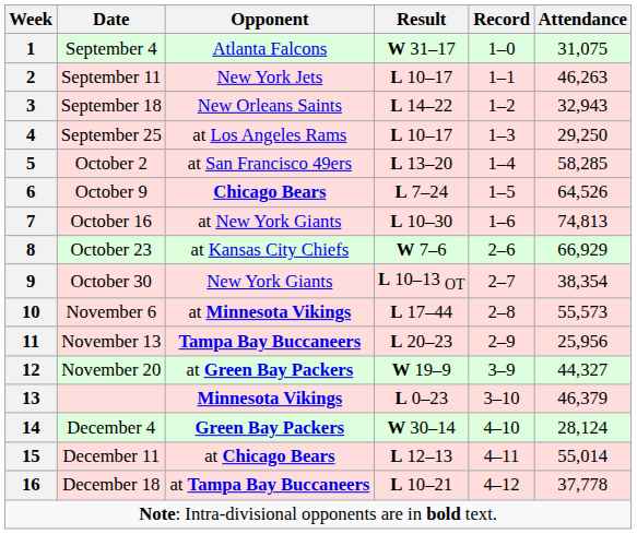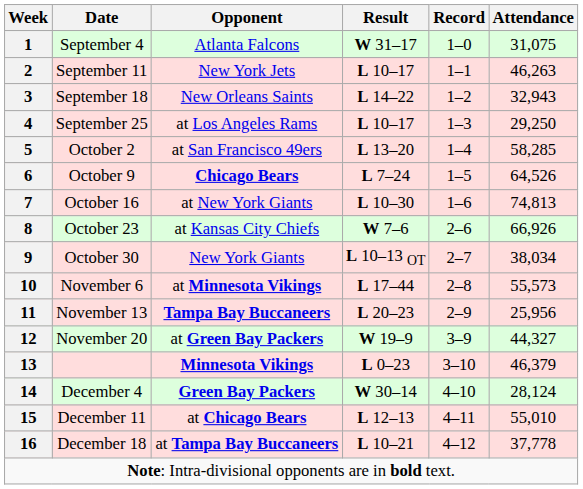 <table class="wikitable"  style="text-align: center;">
 <tr>
 <th>Week</th>
 <th>Date</th>
 <th>Opponent</th>
 <th>Result</th>
 <th>Record</th>
 <th>Attendance</th>
 </tr>
 <tr style="background: #ddffdd;">
 <th>1</th>
 <td>September 4</td>
 <td><a href='#'>Atlanta Falcons</a></td>
 <td><strong>W</strong> 31–17</td>
 <td>1–0</td>
 <td>31,075</td>
 </tr>
 <tr style="background: #ffdddd;">
 <th>2</th>
 <td>September 11</td>
 <td><a href='#'>New York Jets</a></td>
 <td><strong>L</strong> 10–17</td>
 <td>1–1</td>
 <td>46,263</td>
 </tr>
 <tr style="background: #ffdddd;">
 <th>3</th>
 <td>September 18</td>
 <td><a href='#'>New Orleans Saints</a></td>
 <td><strong>L</strong> 14–22</td>
 <td>1–2</td>
 <td>32,943</td>
 </tr>
 <tr style="background: #ffdddd;">
 <th>4</th>
 <td>September 25</td>
 <td>at <a href='#'>Los Angeles Rams</a></td>
 <td><strong>L</strong> 10–17</td>
 <td>1–3</td>
 <td>29,250</td>
 </tr>
 <tr style="background: #ffdddd;">
 <th>5</th>
 <td>October 2</td>
 <td>at <a href='#'>San Francisco 49ers</a></td>
 <td><strong>L</strong> 13–20</td>
 <td>1–4</td>
 <td>58,285</td>
 </tr>
 <tr style="background: #ffdddd;">
 <th>6</th>
 <td>October 9</td>
 <td><strong><a href='#'>Chicago Bears</a></strong></td>
 <td><strong>L</strong> 7–24</td>
 <td>1–5</td>
 <td>64,526</td>
 </tr>
 <tr style="background: #ffdddd;">
 <th>7</th>
 <td>October 16</td>
 <td>at <a href='#'>New York Giants</a></td>
 <td><strong>L</strong> 10–30</td>
 <td>1–6</td>
 <td>74,813</td>
 </tr>
 <tr style="background: #ddffdd;">
 <th>8</th>
 <td>October 23</td>
 <td>at <a href='#'>Kansas City Chiefs</a></td>
 <td><strong>W</strong> 7–6</td>
 <td>2–6</td>
-<td>66,929</td>
+<td>66,926</td>
 </tr>
 <tr style="background: #ffdddd;">
 <th>9</th>
 <td>October 30</td>
 <td><a href='#'>New York Giants</a></td>
 <td><strong>L</strong> 10–13 <sub>OT</sub></td>
 <td>2–7</td>
-<td>38,354</td>
+<td>38,034</td>
 </tr>
 <tr style="background: #ffdddd;">
 <th>10</th>
 <td>November 6</td>
 <td>at <strong><a href='#'>Minnesota Vikings</a></strong></td>
 <td><strong>L</strong> 17–44</td>
 <td>2–8</td>
 <td>55,573</td>
 </tr>
 <tr style="background: #ffdddd;">
 <th>11</th>
 <td>November 13</td>
 <td><strong><a href='#'>Tampa Bay Buccaneers</a></strong></td>
 <td><strong>L</strong> 20–23</td>
 <td>2–9</td>
 <td>25,956</td>
 </tr>
 <tr style="background: #ddffdd;">
 <th>12</th>
 <td>November 20</td>
 <td>at <strong><a href='#'>Green Bay Packers</a></strong></td>
 <td><strong>W</strong> 19–9</td>
 <td>3–9</td>
 <td>44,327</td>
 </tr>
 <tr style="background: #ffdddd;">
 <th>13</th>
 <td></td>
 <td><strong><a href='#'>Minnesota Vikings</a></strong></td>
 <td><strong>L</strong> 0–23</td>
 <td>3–10</td>
 <td>46,379</td>
 </tr>
 <tr style="background: #ddffdd;">
 <th>14</th>
 <td>December 4</td>
 <td><strong><a href='#'>Green Bay Packers</a></strong></td>
 <td><strong>W</strong> 30–14</td>
 <td>4–10</td>
 <td>28,124</td>
 </tr>
 <tr style="background: #ffdddd;">
 <th>15</th>
 <td>December 11</td>
 <td>at <strong><a href='#'>Chicago Bears</a></strong></td>
 <td><strong>L</strong> 12–13</td>
 <td>4–11</td>
-<td>55,014</td>
+<td>55,010</td>
 </tr>
 <tr style="background: #ffdddd;">
 <th>16</th>
 <td>December 18</td>
 <td>at <strong><a href='#'>Tampa Bay Buccaneers</a></strong></td>
 <td><strong>L</strong> 10–21</td>
 <td>4–12</td>
 <td>37,778</td>
 </tr>
 <tr>
 <td colspan="6"><strong>Note</strong>: Intra-divisional opponents are in <strong>bold</strong> text.</td>
 </tr>
 </table>
